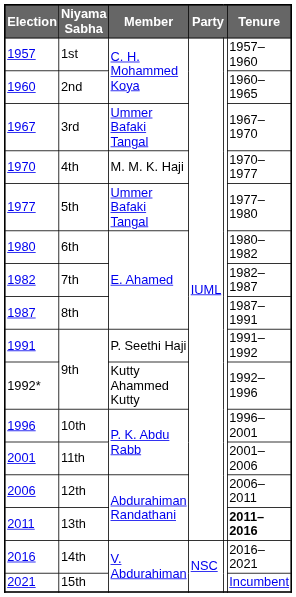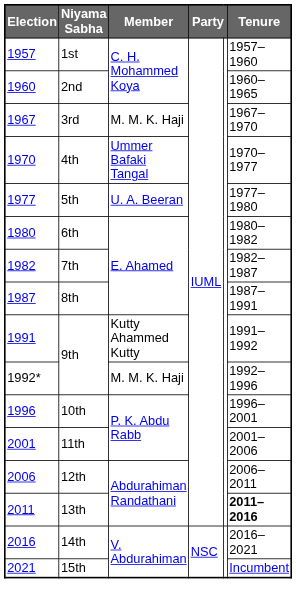 <table class="sortable" width="50%" cellpadding="2" cellspacing="0" border="1" style="border-collapse: collapse; border: 2px #000000 solid; font-size: x-big">
 <tr>
 <th style="background-color:#666666; color:white">Election</th>
 <th style="background-color:#666666; color:white">Niyama Sabha</th>
 <th style="background-color:#666666; color:white">Member</th>
 <th style="background-color:#666666; color:white" colspan="2">Party</th>
 <th style="background-color:#666666; color:white">Tenure</th>
 </tr>
 <tr>
 <td><a href='#'>1957</a></td>
 <td>1st</td>
 <td rowspan="2"><a href='#'>C. H. Mohammed Koya</a></td>
 <td rowspan="14"><a href='#'>IUML</a></td>
 <td rowspan="14" width="4px" style="background-color: "></td>
 <td>1957–1960</td>
 </tr>
 <tr>
 <td><a href='#'>1960</a></td>
 <td>2nd</td>
 <td>1960–1965</td>
 </tr>
 <tr>
 <td><a href='#'>1967</a></td>
 <td>3rd</td>
-<td><a href='#'>Ummer Bafaki Tangal</a></td>
+<td>M. M. K. Haji</td>
 <td>1967–1970</td>
 </tr>
 <tr>
 <td><a href='#'>1970</a></td>
 <td>4th</td>
-<td>M. M. K. Haji</td>
+<td><a href='#'>Ummer Bafaki Tangal</a></td>
 <td>1970–1977</td>
 </tr>
 <tr>
 <td><a href='#'>1977</a></td>
 <td>5th</td>
-<td><a href='#'>Ummer Bafaki Tangal</a></td>
+<td><a href='#'>U. A. Beeran</a></td>
 <td>1977–1980</td>
 </tr>
 <tr>
 <td><a href='#'>1980</a></td>
 <td>6th</td>
 <td rowspan="3"><a href='#'>E. Ahamed</a></td>
 <td>1980–1982</td>
 </tr>
 <tr>
 <td><a href='#'>1982</a></td>
 <td>7th</td>
 <td>1982–1987</td>
 </tr>
 <tr>
 <td><a href='#'>1987</a></td>
 <td>8th</td>
 <td>1987–1991</td>
 </tr>
 <tr>
 <td><a href='#'>1991</a></td>
 <td rowspan="2">9th</td>
-<td>P. Seethi Haji</td>
+<td>Kutty Ahammed Kutty</td>
 <td>1991–1992</td>
 </tr>
 <tr>
 <td>1992*</td>
-<td>Kutty Ahammed Kutty</td>
+<td>M. M. K. Haji</td>
 <td>1992–1996</td>
 </tr>
 <tr>
 <td><a href='#'>1996</a></td>
 <td>10th</td>
 <td rowspan="2"><a href='#'>P. K. Abdu Rabb</a></td>
 <td>1996–2001</td>
 </tr>
 <tr>
 <td><a href='#'>2001</a></td>
 <td>11th</td>
 <td>2001–2006</td>
 </tr>
 <tr>
 <td><a href='#'>2006</a></td>
 <td>12th</td>
 <td rowspan="2"><a href='#'>Abdurahiman Randathani</a></td>
 <td>2006–2011</td>
 </tr>
 <tr>
 <td><a href='#'>2011</a></td>
 <td>13th</td>
 <td><strong>2011–2016</strong></td>
 </tr>
 <tr>
 <td><a href='#'>2016</a></td>
 <td>14th</td>
 <td rowspan="2"><a href='#'>V. Abdurahiman</a></td>
 <td rowspan="2"><a href='#'>NSC</a></td>
 <td rowspan="2" width="4px" style="background-color:"></td>
 <td>2016–2021</td>
 </tr>
 <tr>
 <td><a href='#'>2021</a></td>
 <td>15th</td>
 <td><a href='#'>Incumbent</a></td>
 </tr>
 </table>
